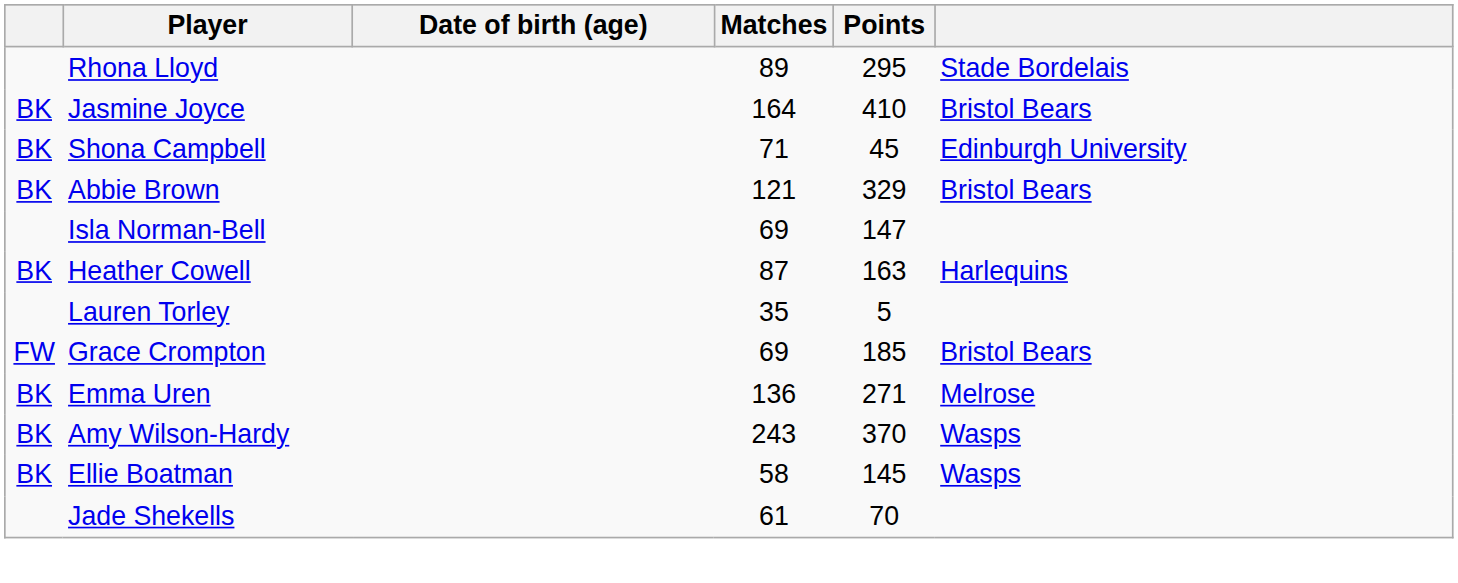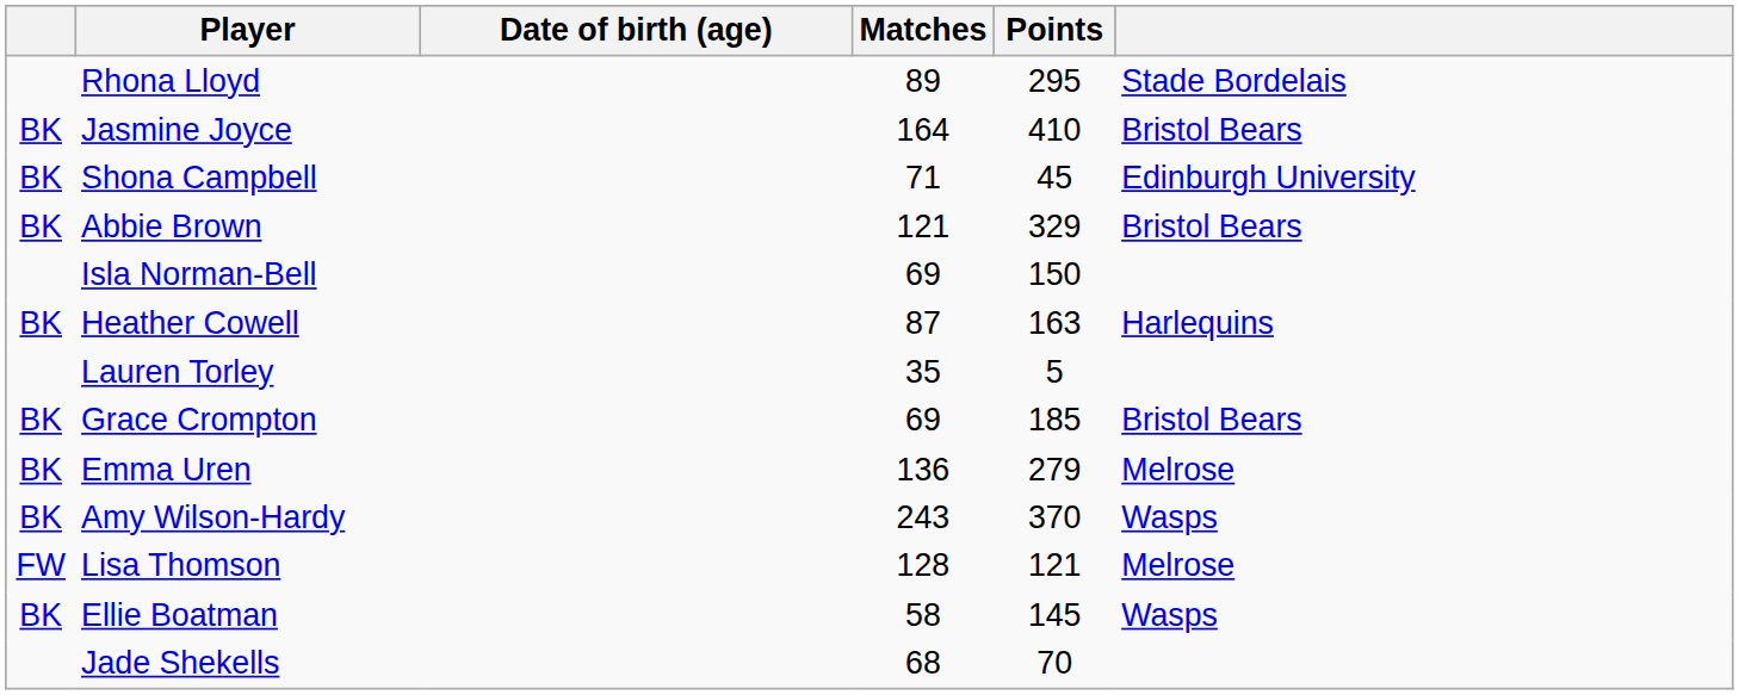 <table class="sortable wikitable plainrowheaders" style="font-size:">
 <tr>
 <th scope="col" style="width:4%"></th>
 <th scope="col" style="width:20%">Player</th>
 <th scope="col" style="width:25%">Date of birth (age)</th>
 <th scope="col" style="width:7%">Matches</th>
 <th scope="col" style="width:7%">Points</th>
 <th scope="col"></th>
 </tr>
 <tr>
 <td style="text-align:center; border:0"></td>
 <td style="text-align:left; border:0"> <a href='#'>Rhona Lloyd</a></td>
 <td style="text-align:left; border:0"></td>
 <td style="text-align:center; border:0">89</td>
 <td style="text-align:center; border:0">295</td>
 <td style="text-align:left; border:0"> <a href='#'>Stade Bordelais</a></td>
 </tr>
 <tr>
 <td style="text-align:center; border:0"><a href='#'>BK</a></td>
 <td style="text-align:left; border:0"> <a href='#'>Jasmine Joyce</a></td>
 <td style="text-align:left; border:0"></td>
 <td style="text-align:center; border:0">164</td>
 <td style="text-align:center; border:0">410</td>
 <td style="text-align:left; border:0"> <a href='#'>Bristol Bears</a></td>
 </tr>
 <tr>
 <td style="text-align:center; border:0"><a href='#'>BK</a></td>
 <td style="text-align:left; border:0"> <a href='#'>Shona Campbell</a></td>
 <td style="text-align:left; border:0"></td>
 <td style="text-align:center; border:0">71</td>
 <td style="text-align:center; border:0">45</td>
 <td style="text-align:left; border:0"> <a href='#'>Edinburgh University</a></td>
 </tr>
 <tr>
 <td style="text-align:center; border:0"><a href='#'>BK</a></td>
 <td style="text-align:left; border:0"> <a href='#'>Abbie Brown</a></td>
 <td style="text-align:left; border:0"></td>
 <td style="text-align:center; border:0">121</td>
 <td style="text-align:center; border:0">329</td>
 <td style="text-align:left; border:0"> <a href='#'>Bristol Bears</a></td>
 </tr>
 <tr>
 <td style="text-align:center; border:0"></td>
 <td style="text-align:left; border:0"> <a href='#'>Isla Norman-Bell</a></td>
 <td style="text-align:left; border:0"></td>
 <td style="text-align:center; border:0">69</td>
-<td style="text-align:center; border:0">147</td>
+<td style="text-align:center; border:0">150</td>
 <td style="text-align:left; border:0"></td>
 </tr>
 <tr>
 <td style="text-align:center; border:0"><a href='#'>BK</a></td>
 <td style="text-align:left; border:0"> <a href='#'>Heather Cowell</a></td>
 <td style="text-align:left; border:0"></td>
 <td style="text-align:center; border:0">87</td>
 <td style="text-align:center; border:0">163</td>
 <td style="text-align:left; border:0"> <a href='#'>Harlequins</a></td>
 </tr>
 <tr>
 <td style="text-align:center; border:0"></td>
 <td style="text-align:left; border:0"> <a href='#'>Lauren Torley</a></td>
 <td style="text-align:left; border:0"></td>
 <td style="text-align:center; border:0">35</td>
 <td style="text-align:center; border:0">5</td>
 <td style="text-align:left; border:0"></td>
 </tr>
 <tr>
-<td style="text-align:center; border:0"><a href='#'>FW</a></td>
+<td style="text-align:center; border:0"><a href='#'>BK</a></td>
 <td style="text-align:left; border:0"> <a href='#'>Grace Crompton</a></td>
 <td style="text-align:left; border:0"></td>
 <td style="text-align:center; border:0">69</td>
 <td style="text-align:center; border:0">185</td>
 <td style="text-align:left; border:0"> <a href='#'>Bristol Bears</a></td>
 </tr>
 <tr>
 <td style="text-align:center; border:0"><a href='#'>BK</a></td>
 <td style="text-align:left; border:0"> <a href='#'>Emma Uren</a></td>
 <td style="text-align:left; border:0"></td>
 <td style="text-align:center; border:0">136</td>
-<td style="text-align:center; border:0">271</td>
+<td style="text-align:center; border:0">279</td>
 <td style="text-align:left; border:0"> <a href='#'>Melrose</a></td>
 </tr>
 <tr>
 <td style="text-align:center; border:0"><a href='#'>BK</a></td>
 <td style="text-align:left; border:0"> <a href='#'>Amy Wilson-Hardy</a></td>
 <td style="text-align:left; border:0"></td>
 <td style="text-align:center; border:0">243</td>
 <td style="text-align:center; border:0">370</td>
 <td style="text-align:left; border:0"> <a href='#'>Wasps</a></td>
+</tr>
+<tr>
+<td style="text-align:center; border:0"><a href='#'>FW</a></td>
+<td style="text-align:left; border:0"> <a href='#'>Lisa Thomson</a></td>
+<td style="text-align:left; border:0"></td>
+<td style="text-align:center; border:0">128</td>
+<td style="text-align:center; border:0">121</td>
+<td style="text-align:left; border:0"> <a href='#'>Melrose</a></td>
 </tr>
 <tr>
 <td style="text-align:center; border:0"><a href='#'>BK</a></td>
 <td style="text-align:left; border:0"> <a href='#'>Ellie Boatman</a></td>
 <td style="text-align:left; border:0"></td>
 <td style="text-align:center; border:0">58</td>
 <td style="text-align:center; border:0">145</td>
 <td style="text-align:left; border:0"> <a href='#'>Wasps</a></td>
 </tr>
 <tr>
 <td style="text-align:center; border:0"></td>
 <td style="text-align:left; border:0"> <a href='#'>Jade Shekells</a></td>
 <td style="text-align:left; border:0"></td>
-<td style="text-align:center; border:0">61</td>
+<td style="text-align:center; border:0">68</td>
 <td style="text-align:center; border:0">70</td>
 <td style="text-align:left; border:0"></td>
 </tr>
 </table>
